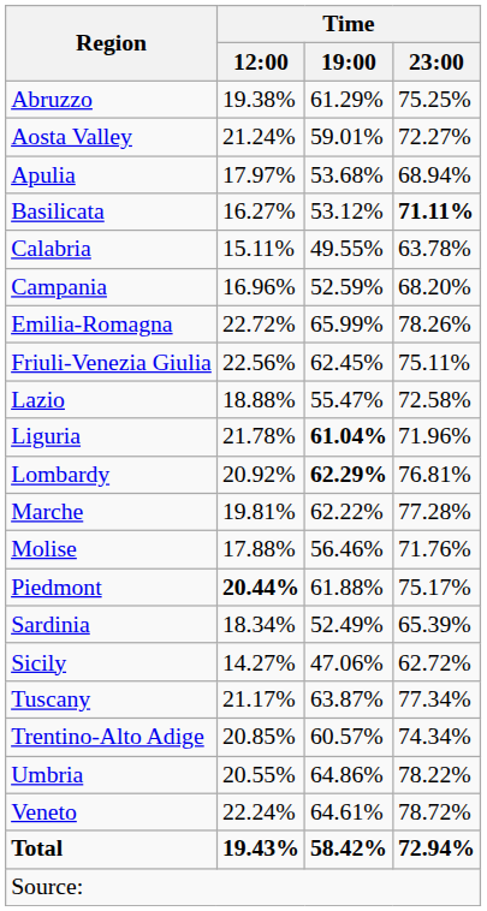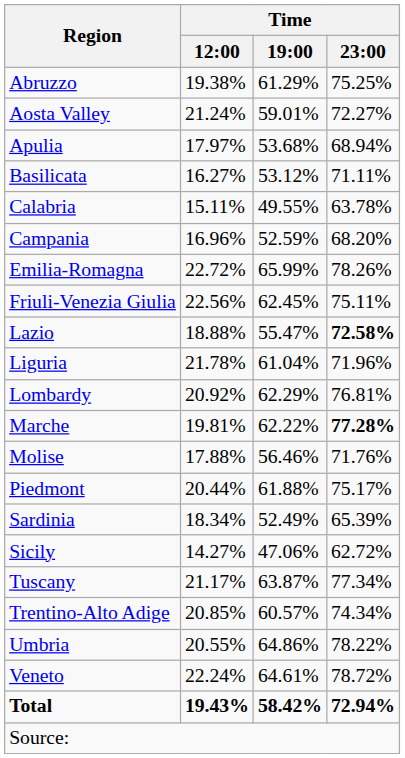 <table class="wikitable sortable" style=text-align:left>
 <tr>
 <th rowspan=2>Region</th>
 <th colspan=3>Time</th>
 </tr>
 <tr>
 <th>12:00</th>
 <th>19:00</th>
 <th>23:00</th>
 </tr>
 <tr>
 <td><a href='#'>Abruzzo</a></td>
 <td>19.38%</td>
 <td>61.29%</td>
 <td>75.25%</td>
 </tr>
 <tr>
 <td><a href='#'>Aosta Valley</a></td>
 <td>21.24%</td>
 <td>59.01%</td>
 <td>72.27%</td>
 </tr>
 <tr>
 <td><a href='#'>Apulia</a></td>
 <td>17.97%</td>
 <td>53.68%</td>
 <td>68.94%</td>
 </tr>
 <tr>
 <td><a href='#'>Basilicata</a></td>
 <td>16.27%</td>
 <td>53.12%</td>
-<td><strong>71.11%</strong></td>
+<td>71.11%</td>
 </tr>
 <tr>
 <td><a href='#'>Calabria</a></td>
 <td>15.11%</td>
 <td>49.55%</td>
 <td>63.78%</td>
 </tr>
 <tr>
 <td><a href='#'>Campania</a></td>
 <td>16.96%</td>
 <td>52.59%</td>
 <td>68.20%</td>
 </tr>
 <tr>
 <td><a href='#'>Emilia-Romagna</a></td>
 <td>22.72%</td>
 <td>65.99%</td>
 <td>78.26%</td>
 </tr>
 <tr>
 <td><a href='#'>Friuli-Venezia Giulia</a></td>
 <td>22.56%</td>
 <td>62.45%</td>
 <td>75.11%</td>
 </tr>
 <tr>
 <td><a href='#'>Lazio</a></td>
 <td>18.88%</td>
 <td>55.47%</td>
-<td>72.58%</td>
+<td><strong>72.58%</strong></td>
 </tr>
 <tr>
 <td><a href='#'>Liguria</a></td>
 <td>21.78%</td>
-<td><strong>61.04%</strong></td>
+<td>61.04%</td>
 <td>71.96%</td>
 </tr>
 <tr>
 <td><a href='#'>Lombardy</a></td>
 <td>20.92%</td>
-<td><strong>62.29%</strong></td>
+<td>62.29%</td>
 <td>76.81%</td>
 </tr>
 <tr>
 <td><a href='#'>Marche</a></td>
 <td>19.81%</td>
 <td>62.22%</td>
-<td>77.28%</td>
+<td><strong>77.28%</strong></td>
 </tr>
 <tr>
 <td><a href='#'>Molise</a></td>
 <td>17.88%</td>
 <td>56.46%</td>
 <td>71.76%</td>
 </tr>
 <tr>
 <td><a href='#'>Piedmont</a></td>
-<td><strong>20.44%</strong></td>
+<td>20.44%</td>
 <td>61.88%</td>
 <td>75.17%</td>
 </tr>
 <tr>
 <td><a href='#'>Sardinia</a></td>
 <td>18.34%</td>
 <td>52.49%</td>
 <td>65.39%</td>
 </tr>
 <tr>
 <td><a href='#'>Sicily</a></td>
 <td>14.27%</td>
 <td>47.06%</td>
 <td>62.72%</td>
 </tr>
 <tr>
 <td><a href='#'>Tuscany</a></td>
 <td>21.17%</td>
 <td>63.87%</td>
 <td>77.34%</td>
 </tr>
 <tr>
 <td><a href='#'>Trentino-Alto Adige</a></td>
 <td>20.85%</td>
 <td>60.57%</td>
 <td>74.34%</td>
 </tr>
 <tr>
 <td><a href='#'>Umbria</a></td>
 <td>20.55%</td>
 <td>64.86%</td>
 <td>78.22%</td>
 </tr>
 <tr>
 <td><a href='#'>Veneto</a></td>
 <td>22.24%</td>
 <td>64.61%</td>
 <td>78.72%</td>
 </tr>
 <tr>
 <td><strong>Total</strong></td>
 <td><strong>19.43%</strong></td>
 <td><strong>58.42%</strong></td>
 <td><strong>72.94%</strong></td>
 </tr>
 <tr>
 <td colspan=4>Source:  </td>
 </tr>
 </table>
